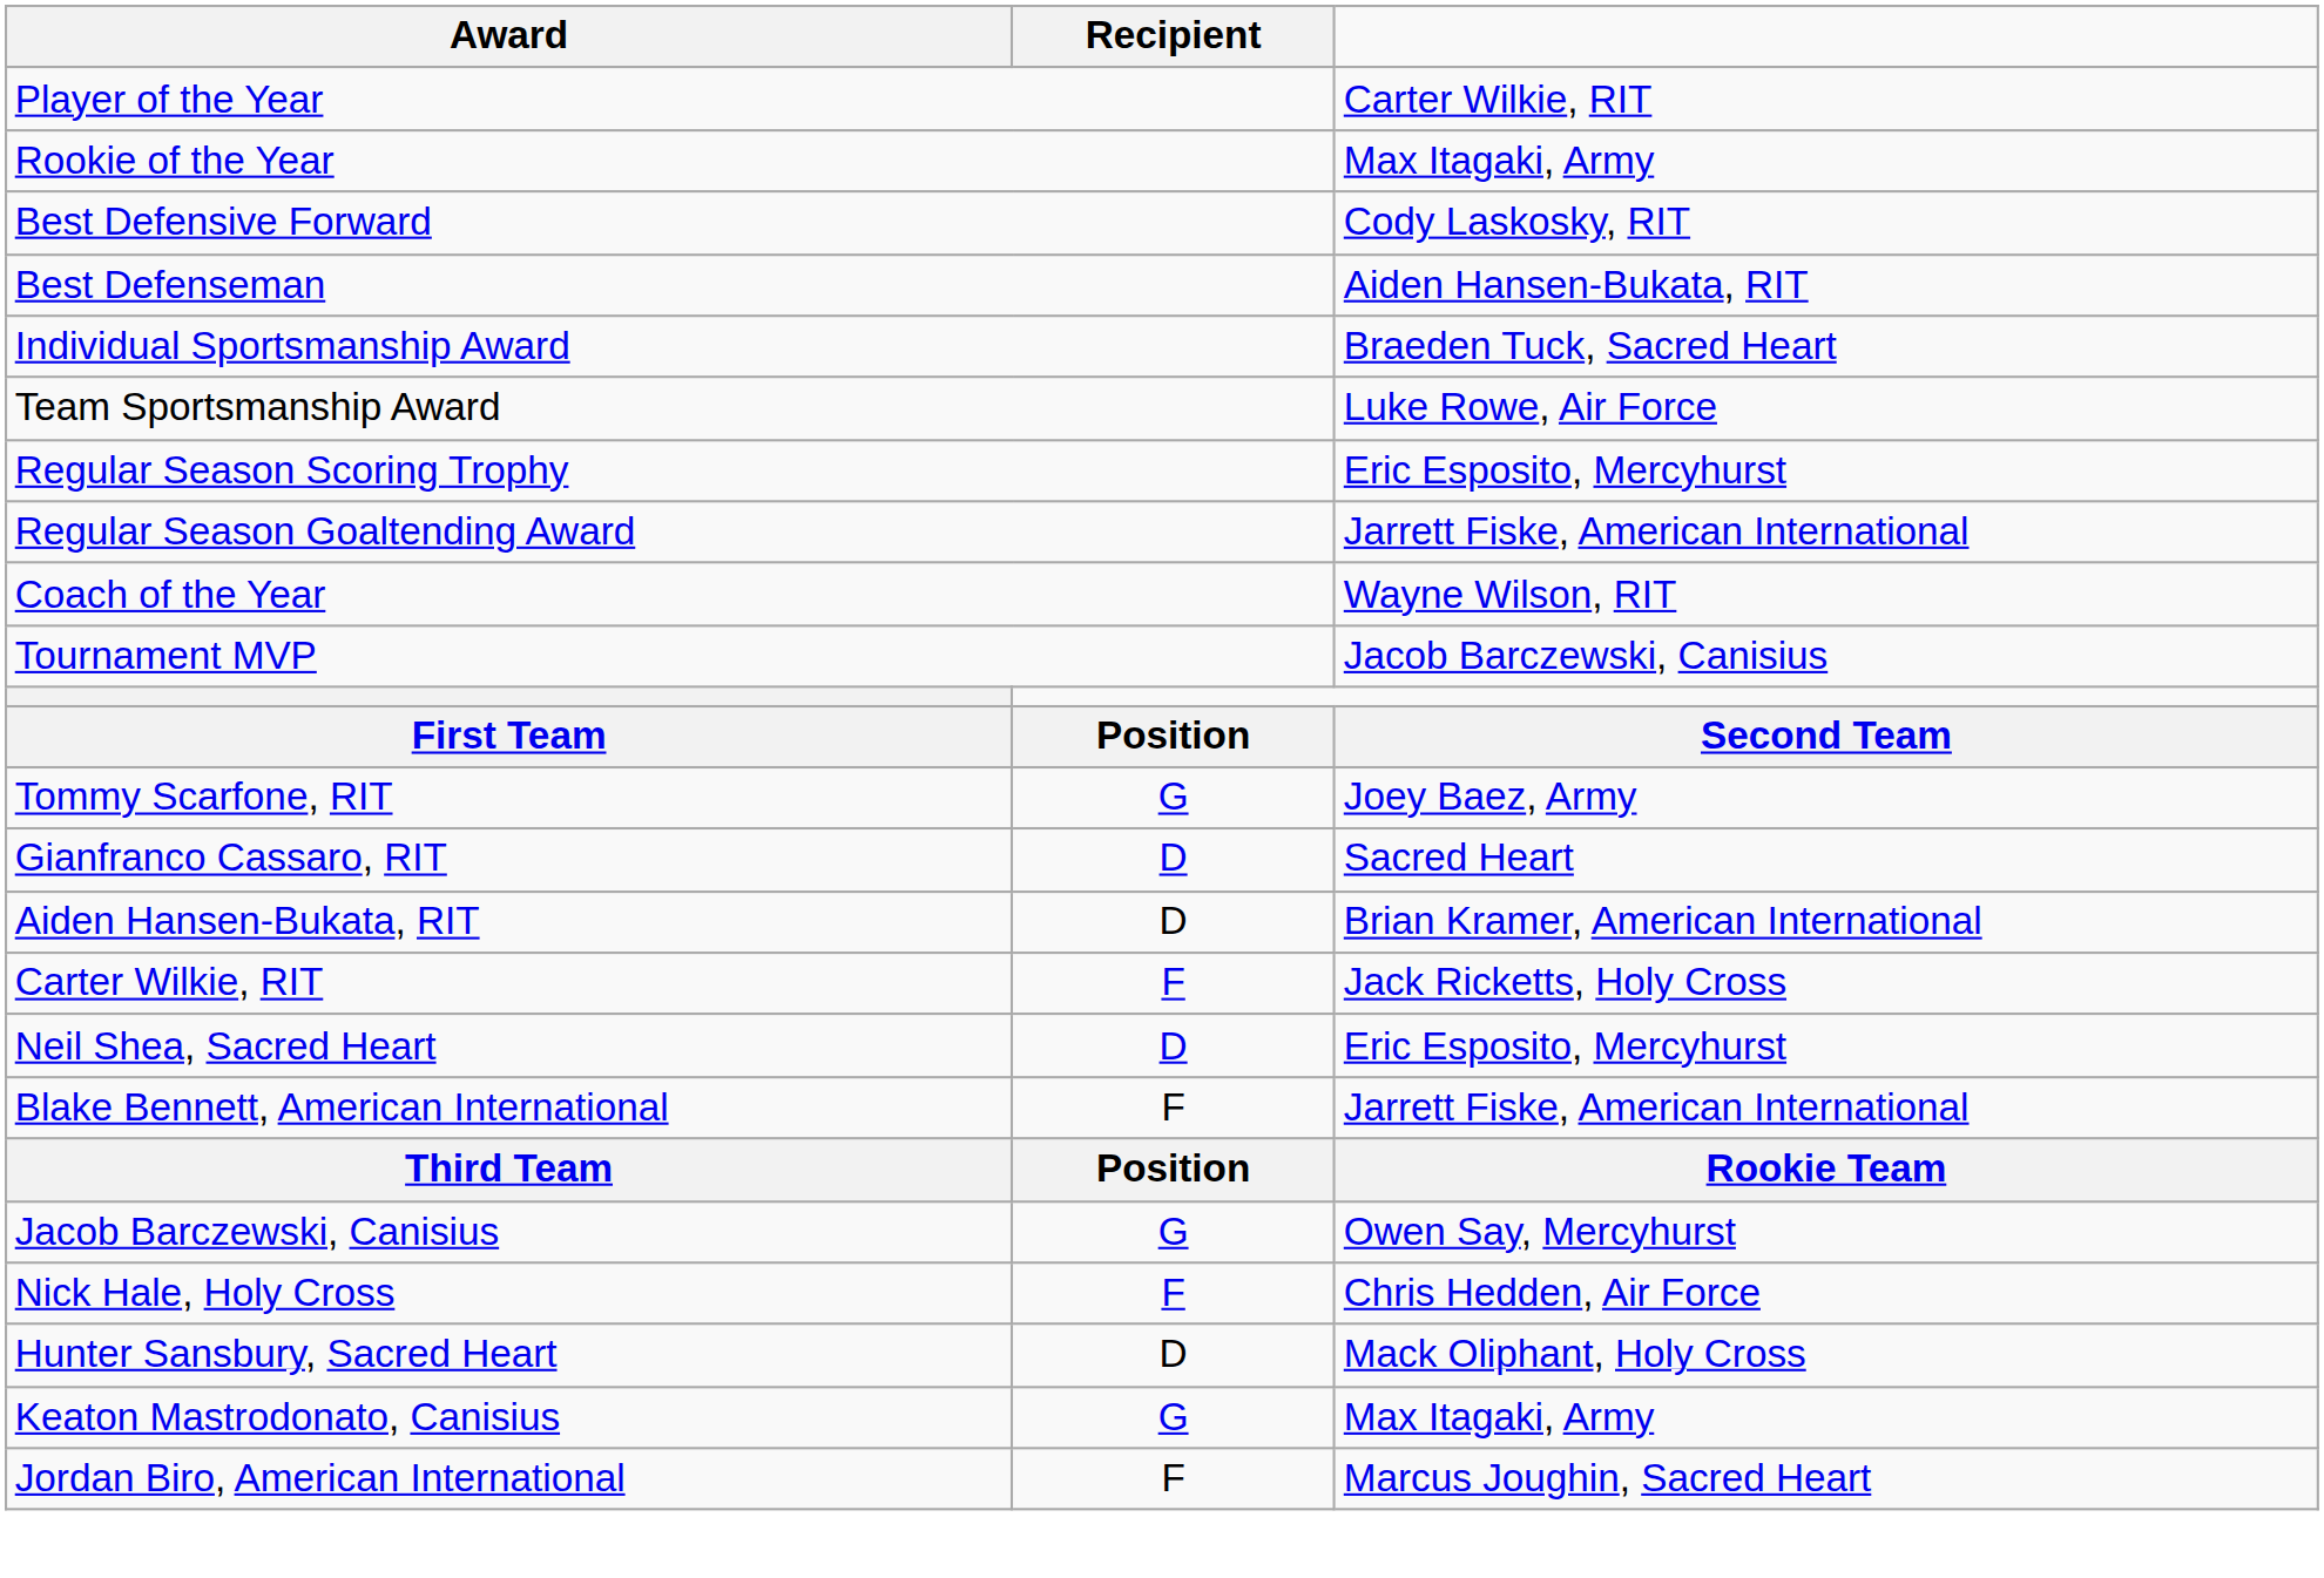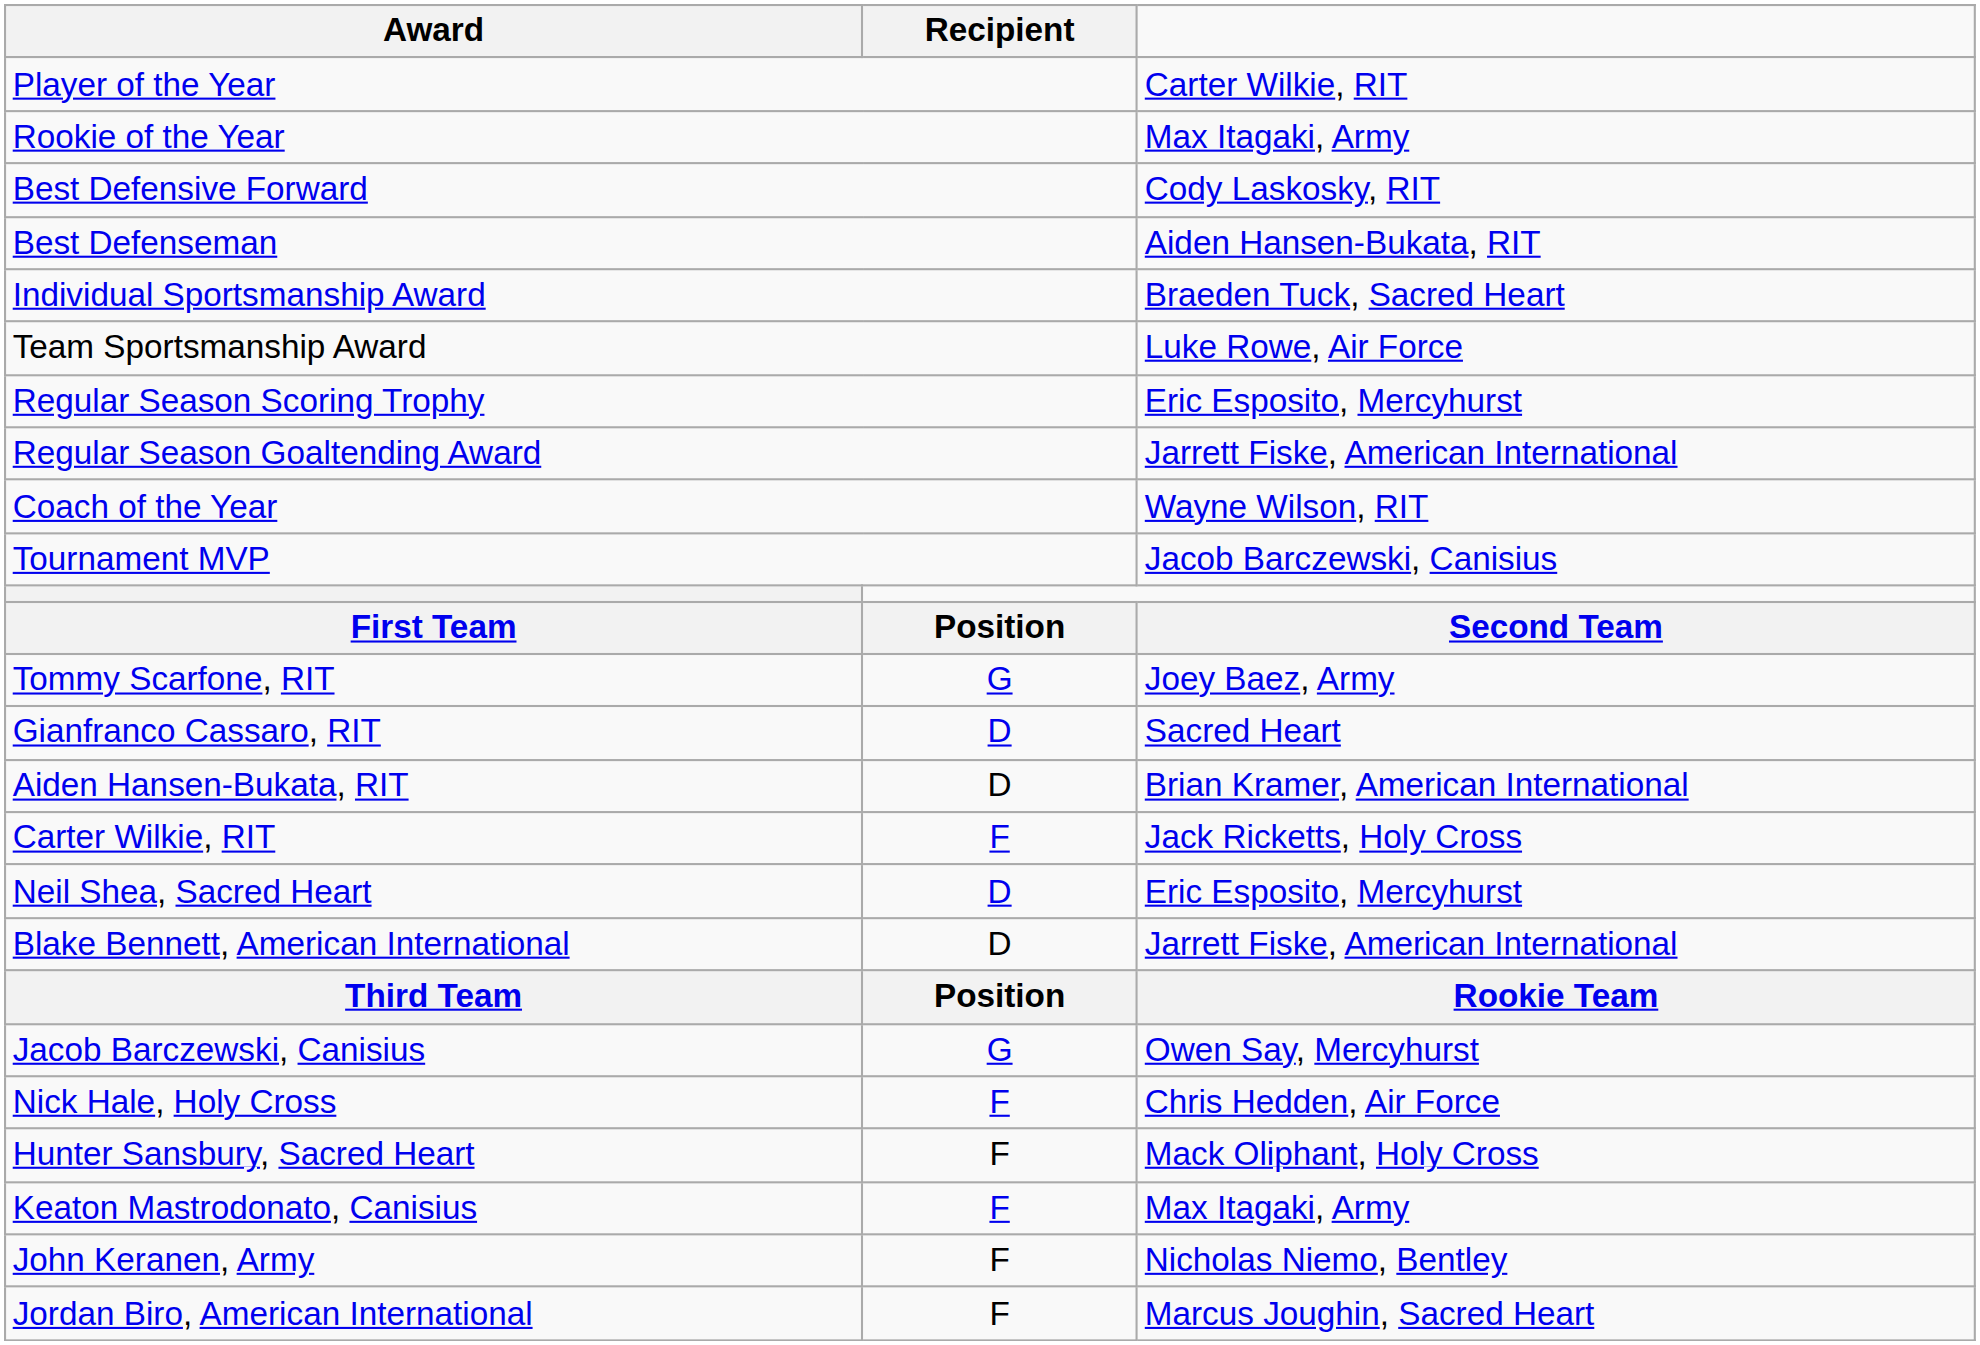 <table class="wikitable" width=75%>
 <tr>
 <th>Award</th>
 <th>Recipient</th>
 </tr>
 <tr>
 <td colspan=2><a href='#'>Player of the Year</a></td>
 <td><a href='#'>Carter Wilkie</a>, <a href='#'>RIT</a></td>
 </tr>
 <tr>
 <td colspan=2><a href='#'>Rookie of the Year</a></td>
 <td><a href='#'>Max Itagaki</a>, <a href='#'>Army</a></td>
 </tr>
 <tr>
 <td colspan=2><a href='#'>Best Defensive Forward</a></td>
 <td><a href='#'>Cody Laskosky</a>, <a href='#'>RIT</a></td>
 </tr>
 <tr>
 <td colspan=2><a href='#'>Best Defenseman</a></td>
 <td><a href='#'>Aiden Hansen-Bukata</a>, <a href='#'>RIT</a></td>
 </tr>
 <tr>
 <td colspan=2><a href='#'>Individual Sportsmanship Award</a></td>
 <td><a href='#'>Braeden Tuck</a>, <a href='#'>Sacred Heart</a></td>
 </tr>
 <tr>
 <td colspan=2>Team Sportsmanship Award</td>
 <td><a href='#'>Luke Rowe</a>, <a href='#'>Air Force</a></td>
 </tr>
 <tr>
 <td colspan=2><a href='#'>Regular Season Scoring Trophy</a></td>
 <td><a href='#'>Eric Esposito</a>, <a href='#'>Mercyhurst</a></td>
 </tr>
 <tr>
 <td colspan=2><a href='#'>Regular Season Goaltending Award</a></td>
 <td><a href='#'>Jarrett Fiske</a>, <a href='#'>American International</a></td>
 </tr>
 <tr>
 <td colspan=2><a href='#'>Coach of the Year</a></td>
 <td><a href='#'>Wayne Wilson</a>, <a href='#'>RIT</a></td>
 </tr>
 <tr>
 <td colspan=2><a href='#'>Tournament MVP</a></td>
 <td><a href='#'>Jacob Barczewski</a>, <a href='#'>Canisius</a></td>
 </tr>
 <tr>
 <th><a href='#'></a></th>
 </tr>
 <tr>
 <th><a href='#'>First Team</a></th>
 <th>  Position  </th>
 <th><a href='#'>Second Team</a></th>
 </tr>
 <tr>
 <td><a href='#'>Tommy Scarfone</a>, <a href='#'>RIT</a></td>
 <td align=center><a href='#'>G</a></td>
 <td><a href='#'>Joey Baez</a>, <a href='#'>Army</a></td>
 </tr>
 <tr>
 <td><a href='#'>Gianfranco Cassaro</a>, <a href='#'>RIT</a></td>
 <td align=center><a href='#'>D</a></td>
 <td><a href='#'>Sacred Heart</a></td>
 </tr>
 <tr>
 <td><a href='#'>Aiden Hansen-Bukata</a>, <a href='#'>RIT</a></td>
 <td align=center>D</td>
 <td><a href='#'>Brian Kramer</a>, <a href='#'>American International</a></td>
 </tr>
 <tr>
 <td><a href='#'>Carter Wilkie</a>, <a href='#'>RIT</a></td>
 <td align=center><a href='#'>F</a></td>
 <td><a href='#'>Jack Ricketts</a>, <a href='#'>Holy Cross</a></td>
 </tr>
 <tr>
 <td><a href='#'>Neil Shea</a>, <a href='#'>Sacred Heart</a></td>
 <td align=center><a href='#'>D</a></td>
 <td><a href='#'>Eric Esposito</a>, <a href='#'>Mercyhurst</a></td>
 </tr>
 <tr>
 <td><a href='#'>Blake Bennett</a>, <a href='#'>American International</a></td>
-<td align=center>F</td>
+<td align=center>D</td>
 <td><a href='#'>Jarrett Fiske</a>, <a href='#'>American International</a></td>
 </tr>
 <tr>
 <th><a href='#'>Third Team</a></th>
 <th>  Position  </th>
 <th><a href='#'>Rookie Team</a></th>
 </tr>
 <tr>
 <td><a href='#'>Jacob Barczewski</a>, <a href='#'>Canisius</a></td>
 <td align=center><a href='#'>G</a></td>
 <td><a href='#'>Owen Say</a>, <a href='#'>Mercyhurst</a></td>
 </tr>
 <tr>
 <td><a href='#'>Nick Hale</a>, <a href='#'>Holy Cross</a></td>
 <td align=center><a href='#'>F</a></td>
 <td><a href='#'>Chris Hedden</a>, <a href='#'>Air Force</a></td>
 </tr>
 <tr>
 <td><a href='#'>Hunter Sansbury</a>, <a href='#'>Sacred Heart</a></td>
-<td align=center>D</td>
+<td align=center>F</td>
 <td><a href='#'>Mack Oliphant</a>, <a href='#'>Holy Cross</a></td>
 </tr>
 <tr>
 <td><a href='#'>Keaton Mastrodonato</a>, <a href='#'>Canisius</a></td>
-<td align=center><a href='#'>G</a></td>
+<td align=center><a href='#'>F</a></td>
 <td><a href='#'>Max Itagaki</a>, <a href='#'>Army</a></td>
+</tr>
+<tr>
+<td><a href='#'>John Keranen</a>, <a href='#'>Army</a></td>
+<td align=center>F</td>
+<td><a href='#'>Nicholas Niemo</a>, <a href='#'>Bentley</a></td>
 </tr>
 <tr>
 <td><a href='#'>Jordan Biro</a>, <a href='#'>American International</a></td>
 <td align=center>F</td>
 <td><a href='#'>Marcus Joughin</a>, <a href='#'>Sacred Heart</a></td>
 </tr>
 </table>
